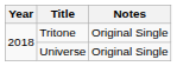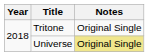 <table class="wikitable">
 <tr>
 <th>Year</th>
 <th>Title</th>
 <th>Notes</th>
 </tr>
 <tr>
 <td rowspan="2">2018</td>
 <td>Tritone</td>
 <td>Original Single</td>
 </tr>
 <tr>
 <td>Universe</td>
-<td>Original Single</td>
+<td style="background: khaki;">Original Single</td>
 </tr>
 </table>
